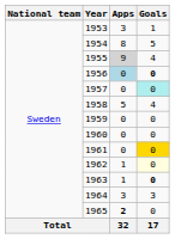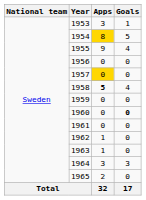 <table class="wikitable" style="text-align:center">
 <tr>
 <th>National team</th>
 <th>Year</th>
 <th>Apps</th>
 <th>Goals</th>
 </tr>
 <tr>
 <td rowspan="13"><a href='#'>Sweden</a></td>
 <td>1953</td>
 <td>3</td>
 <td>1</td>
 </tr>
 <tr>
 <td>1954</td>
-<td>8</td>
+<td style="background: gold;">8</td>
 <td>5</td>
 </tr>
 <tr>
 <td>1955</td>
-<td style="background: lightgrey;">9</td>
+<td>9</td>
 <td>4</td>
 </tr>
 <tr>
 <td>1956</td>
-<td style="background: lightblue;">0</td>
-<td><strong>0</strong></td>
+<td>0</td>
+<td>0</td>
 </tr>
 <tr>
 <td>1957</td>
+<td style="background: gold;">0</td>
 <td>0</td>
-<td style="background: paleturquoise;">0</td>
 </tr>
 <tr>
 <td>1958</td>
-<td>5</td>
+<td><strong>5</strong></td>
 <td>4</td>
 </tr>
 <tr>
 <td>1959</td>
 <td>0</td>
 <td>0</td>
 </tr>
 <tr>
 <td>1960</td>
 <td>0</td>
-<td>0</td>
+<td><strong>0</strong></td>
 </tr>
 <tr>
 <td>1961</td>
 <td>0</td>
-<td style="background: gold;">0</td>
+<td>0</td>
 </tr>
 <tr>
 <td>1962</td>
 <td>1</td>
-<td style="background: lightyellow;">0</td>
+<td>0</td>
 </tr>
 <tr>
 <td>1963</td>
 <td>1</td>
-<td><strong>0</strong></td>
+<td>0</td>
 </tr>
 <tr>
 <td>1964</td>
 <td>3</td>
 <td>3</td>
 </tr>
 <tr>
 <td>1965</td>
-<td><strong>2</strong></td>
+<td>2</td>
 <td>0</td>
 </tr>
 <tr>
 <th colspan="2">Total</th>
 <th>32</th>
 <th>17</th>
 </tr>
 </table>
